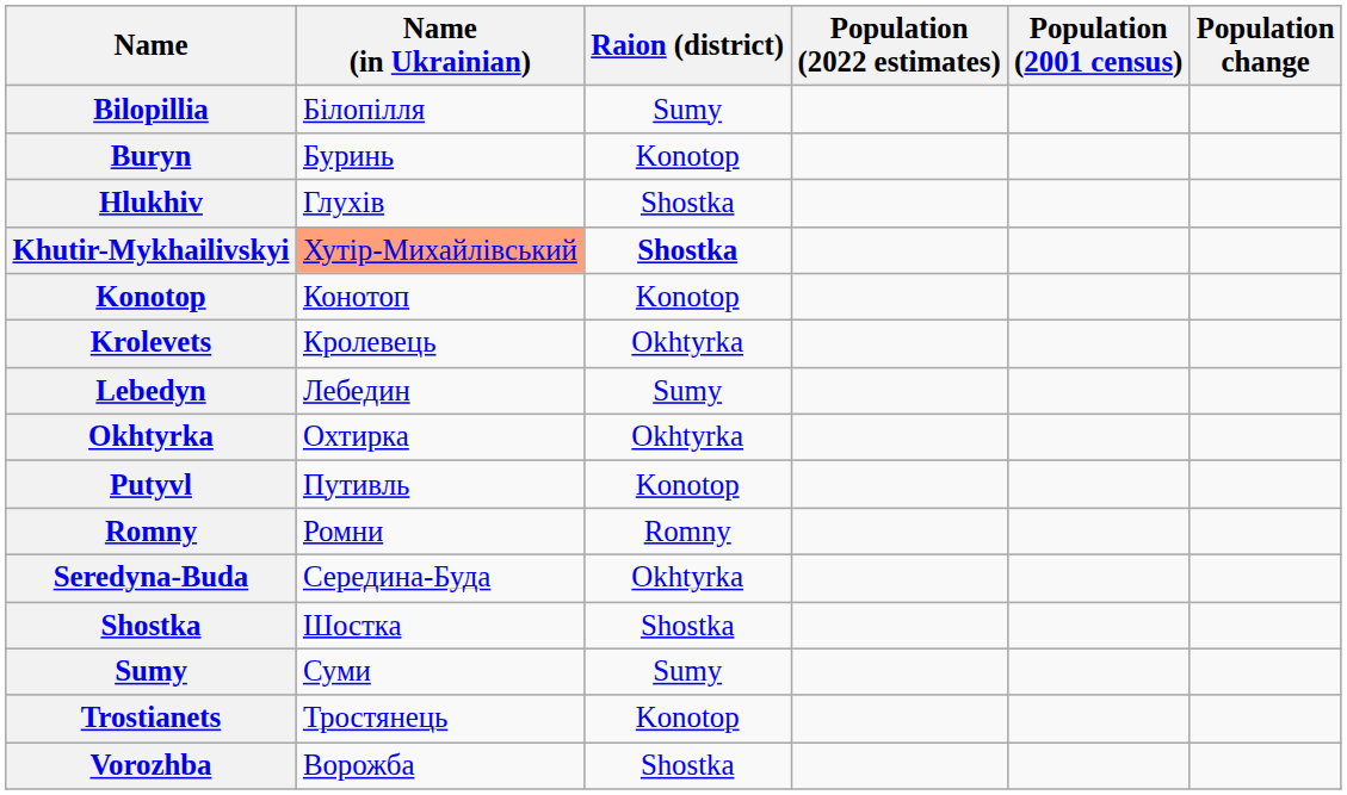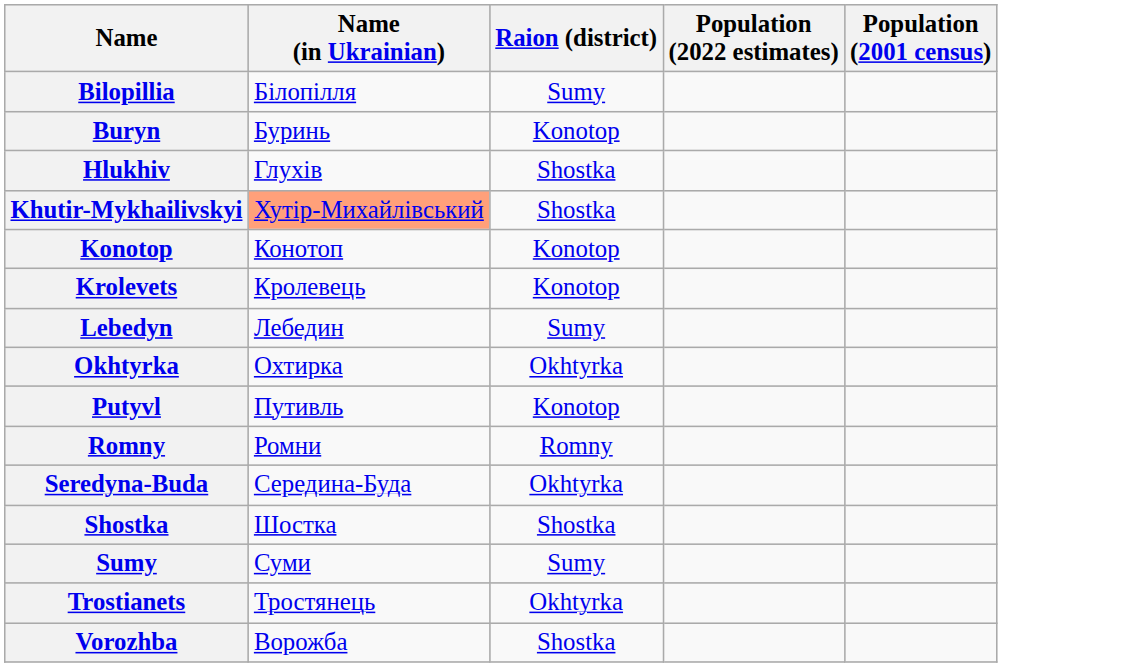 <table class="wikitable sortable" id="Table of cities" caption="Tabulated list of cities in ">
 <tr>
 <th scope="col">Name</th>
 <th scope="col">Name<br>(in <a href='#'>Ukrainian</a>)</th>
 <th scope="col"><a href='#'>Raion</a> (district)</th>
 <th scope="col">Population<br>(2022 estimates)</th>
 <th scope="col">Population<br>(<a href='#'>2001 census</a>)</th>
-<th scope="col">Population<br>change</th>
 </tr>
 <tr>
 <th scope="row" align="left"><a href='#'>Bilopillia</a></th>
 <td><a href='#'>Білопілля</a></td>
 <td align=center><a href='#'>Sumy</a></td>
-<td align=right></td>
 <td align=right></td>
 <td align=right></td>
 </tr>
 <tr>
 <th scope="row" align="left"><a href='#'>Buryn</a></th>
 <td><a href='#'>Буринь</a></td>
 <td align=center><a href='#'>Konotop</a></td>
 <td align=right></td>
 <td align=right></td>
-<td align=right></td>
 </tr>
 <tr>
 <th scope="row" align="left"><a href='#'>Hlukhiv</a></th>
 <td><a href='#'>Глухів</a></td>
 <td align=center><a href='#'>Shostka</a></td>
 <td align=right></td>
 <td align=right></td>
-<td align=right></td>
 </tr>
 <tr>
 <th scope="row" align="left"><a href='#'>Khutir-Mykhailivskyi</a></th>
 <td style="background: lightsalmon;"><a href='#'>Хутір-Михайлівський</a></td>
-<td align=center><strong><a href='#'>Shostka</a></strong></td>
-<td align=right></td>
+<td align=center><a href='#'>Shostka</a></td>
 <td align=right></td>
 <td align=right></td>
 </tr>
 <tr>
 <th scope="row" align="left"><a href='#'>Konotop</a></th>
 <td><a href='#'>Конотоп</a></td>
 <td align=center><a href='#'>Konotop</a></td>
 <td align=right></td>
 <td align=right></td>
-<td align=right></td>
 </tr>
 <tr>
 <th scope="row" align="left"><a href='#'>Krolevets</a></th>
 <td><a href='#'>Кролевець</a></td>
-<td align=center><a href='#'>Okhtyrka</a></td>
-<td align=right></td>
+<td align=center><a href='#'>Konotop</a></td>
 <td align=right></td>
 <td align=right></td>
 </tr>
 <tr>
 <th scope="row" align="left"><a href='#'>Lebedyn</a></th>
 <td><a href='#'>Лебедин</a></td>
 <td align=center><a href='#'>Sumy</a></td>
 <td align=right></td>
 <td align=right></td>
-<td align=right></td>
 </tr>
 <tr>
 <th scope="row" align="left"><a href='#'>Okhtyrka</a></th>
 <td><a href='#'>Охтирка</a></td>
 <td align=center><a href='#'>Okhtyrka</a></td>
-<td align=right></td>
 <td align=right></td>
 <td align=right></td>
 </tr>
 <tr>
 <th scope="row" align="left"><a href='#'>Putyvl</a></th>
 <td><a href='#'>Путивль</a></td>
 <td align=center><a href='#'>Konotop</a></td>
 <td align=right></td>
 <td align=right></td>
-<td align=right></td>
 </tr>
 <tr>
 <th scope="row" align="left"><a href='#'>Romny</a></th>
 <td><a href='#'>Ромни</a></td>
 <td align=center><a href='#'>Romny</a></td>
-<td align=right></td>
 <td align=right></td>
 <td align=right></td>
 </tr>
 <tr>
 <th scope="row" align="left"><a href='#'>Seredyna-Buda</a></th>
 <td><a href='#'>Середина-Буда</a></td>
 <td align=center><a href='#'>Okhtyrka</a></td>
 <td align=right></td>
 <td align=right></td>
-<td align=right></td>
 </tr>
 <tr>
 <th scope="row" align="left"><a href='#'>Shostka</a></th>
 <td><a href='#'>Шостка</a></td>
 <td align=center><a href='#'>Shostka</a></td>
-<td align=right></td>
 <td align=right></td>
 <td align=right></td>
 </tr>
 <tr>
 <th scope="row" align="left"><a href='#'>Sumy</a></th>
 <td><a href='#'>Суми</a></td>
 <td align=center><a href='#'>Sumy</a></td>
 <td align=right></td>
 <td align=right></td>
-<td align=right></td>
 </tr>
 <tr>
 <th scope="row" align="left"><a href='#'>Trostianets</a></th>
 <td><a href='#'>Тростянець</a></td>
-<td align=center><a href='#'>Konotop</a></td>
-<td align=right></td>
+<td align=center><a href='#'>Okhtyrka</a></td>
 <td align=right></td>
 <td align=right></td>
 </tr>
 <tr>
 <th scope="row" align="left"><a href='#'>Vorozhba</a></th>
 <td><a href='#'>Ворожба</a></td>
 <td align=center><a href='#'>Shostka</a></td>
 <td align=right></td>
 <td align=right></td>
-<td align=right></td>
 </tr>
 </table>
